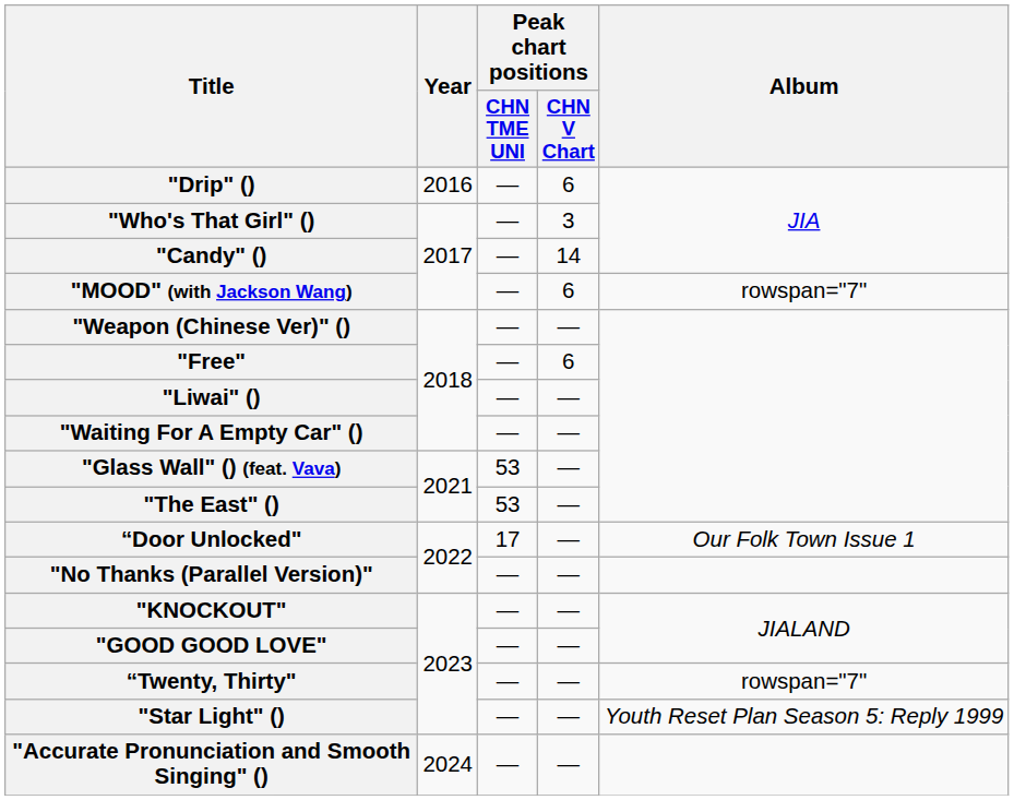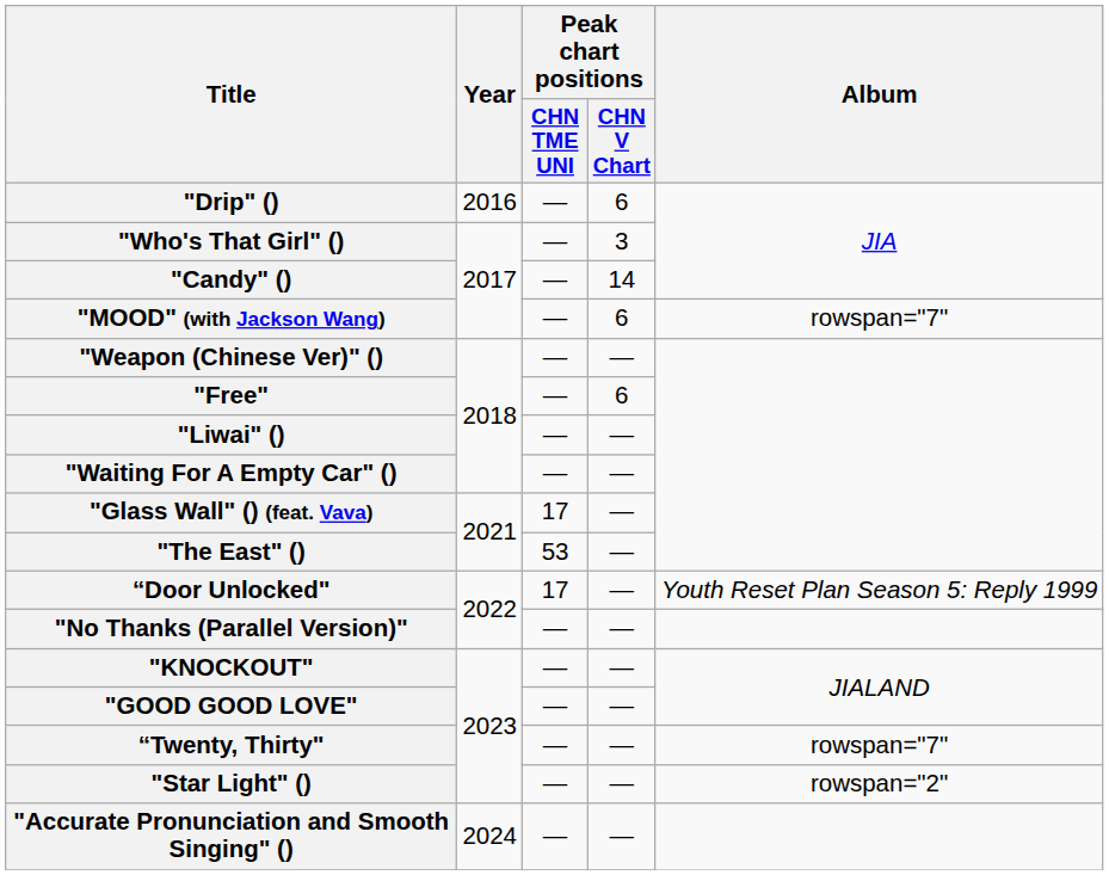 <table class="wikitable plainrowheaders" style="text-align:center;">
 <tr>
 <th rowspan="2" scope="col" style="width:18em;">Title</th>
 <th rowspan="2" scope="col">Year</th>
 <th colspan="2">Peak chart positions</th>
 <th rowspan="2" scope="col">Album</th>
 </tr>
 <tr>
 <th scope="col" style="width:2.5em;font-size:90%;"><a href='#'>CHN<br>TME UNI</a><br></th>
 <th scope="col" style="width:2.5em;font-size:90%;"><a href='#'>CHN<br>V Chart</a><br></th>
 </tr>
 <tr>
 <th scope="row">"Drip" ()</th>
 <td>2016</td>
 <td>—</td>
 <td>6</td>
 <td rowspan="3"><em><a href='#'>JIA</a></em></td>
 </tr>
 <tr>
 <th scope="row">"Who's That Girl" ()</th>
 <td rowspan="3">2017</td>
 <td>—</td>
 <td>3</td>
 </tr>
 <tr>
 <th scope="row">"Candy" ()</th>
 <td>—</td>
 <td>14</td>
 </tr>
 <tr>
 <th scope="row">"MOOD" <small>(with <a href='#'>Jackson Wang</a>)</small></th>
 <td>—</td>
 <td>6</td>
 <td>rowspan="7" </td>
 </tr>
 <tr>
 <th scope="row">"Weapon (Chinese Ver)" ()</th>
 <td rowspan="4">2018</td>
 <td>—</td>
 <td>—</td>
 </tr>
 <tr>
 <th scope="row">"Free"</th>
 <td>—</td>
 <td>6</td>
 </tr>
 <tr>
 <th scope="row">"Liwai" ()</th>
 <td>—</td>
 <td>—</td>
 </tr>
 <tr>
 <th scope="row">"Waiting For A Empty Car" ()</th>
 <td>—</td>
 <td>—</td>
 </tr>
 <tr>
 <th scope="row">"Glass Wall" () <small>(feat. <a href='#'>Vava</a>)</small></th>
 <td rowspan="2">2021</td>
-<td>53</td>
+<td>17</td>
 <td>—</td>
 </tr>
 <tr>
 <th scope="row">"The East" ()</th>
 <td>53</td>
 <td>—</td>
 </tr>
 <tr>
 <th scope="row">“Door Unlocked" </th>
 <td rowspan="2">2022</td>
 <td>17</td>
 <td>—</td>
-<td><em>Our Folk Town Issue 1</em><br></td>
+<td><em>Youth Reset Plan Season 5: Reply 1999</em><br></td>
 </tr>
 <tr>
 <th scope="row">"No Thanks (Parallel Version)"</th>
 <td>—</td>
 <td>—</td>
 <td></td>
 </tr>
 <tr>
 <th scope="row">"KNOCKOUT"</th>
 <td rowspan="4">2023</td>
 <td>—</td>
 <td>—</td>
 <td rowspan="2"><em>JIALAND</em></td>
 </tr>
 <tr>
 <th scope="row">"GOOD GOOD LOVE"</th>
 <td>—</td>
 <td>—</td>
 </tr>
 <tr>
 <th scope="row">“Twenty, Thirty" </th>
 <td>—</td>
 <td>—</td>
 <td>rowspan="7" </td>
 </tr>
 <tr>
 <th scope="row">"Star Light" ()</th>
 <td>—</td>
 <td>—</td>
-<td><em>Youth Reset Plan Season 5: Reply 1999</em><br></td>
+<td>rowspan="2" </td>
 </tr>
 <tr>
 <th scope="row">"Accurate Pronunciation and Smooth Singing" ()</th>
 <td rowspan="1">2024</td>
 <td>—</td>
 <td>—</td>
 </tr>
 <tr>
 </tr>
 </table>
